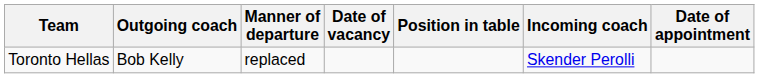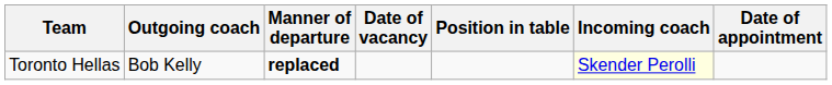 <table class="wikitable sortable">
 <tr>
 <th>Team</th>
 <th>Outgoing coach</th>
 <th>Manner of <br> departure</th>
 <th>Date of <br> vacancy</th>
 <th>Position in table</th>
 <th>Incoming coach</th>
 <th>Date of <br> appointment</th>
 </tr>
 <tr>
 <td>Toronto Hellas</td>
 <td>Bob Kelly</td>
-<td>replaced</td>
+<td><strong>replaced</strong></td>
 <td></td>
 <td></td>
-<td><a href='#'>Skender Perolli</a></td>
+<td style="background: lightyellow;"><a href='#'>Skender Perolli</a></td>
 </tr>
 </table>
